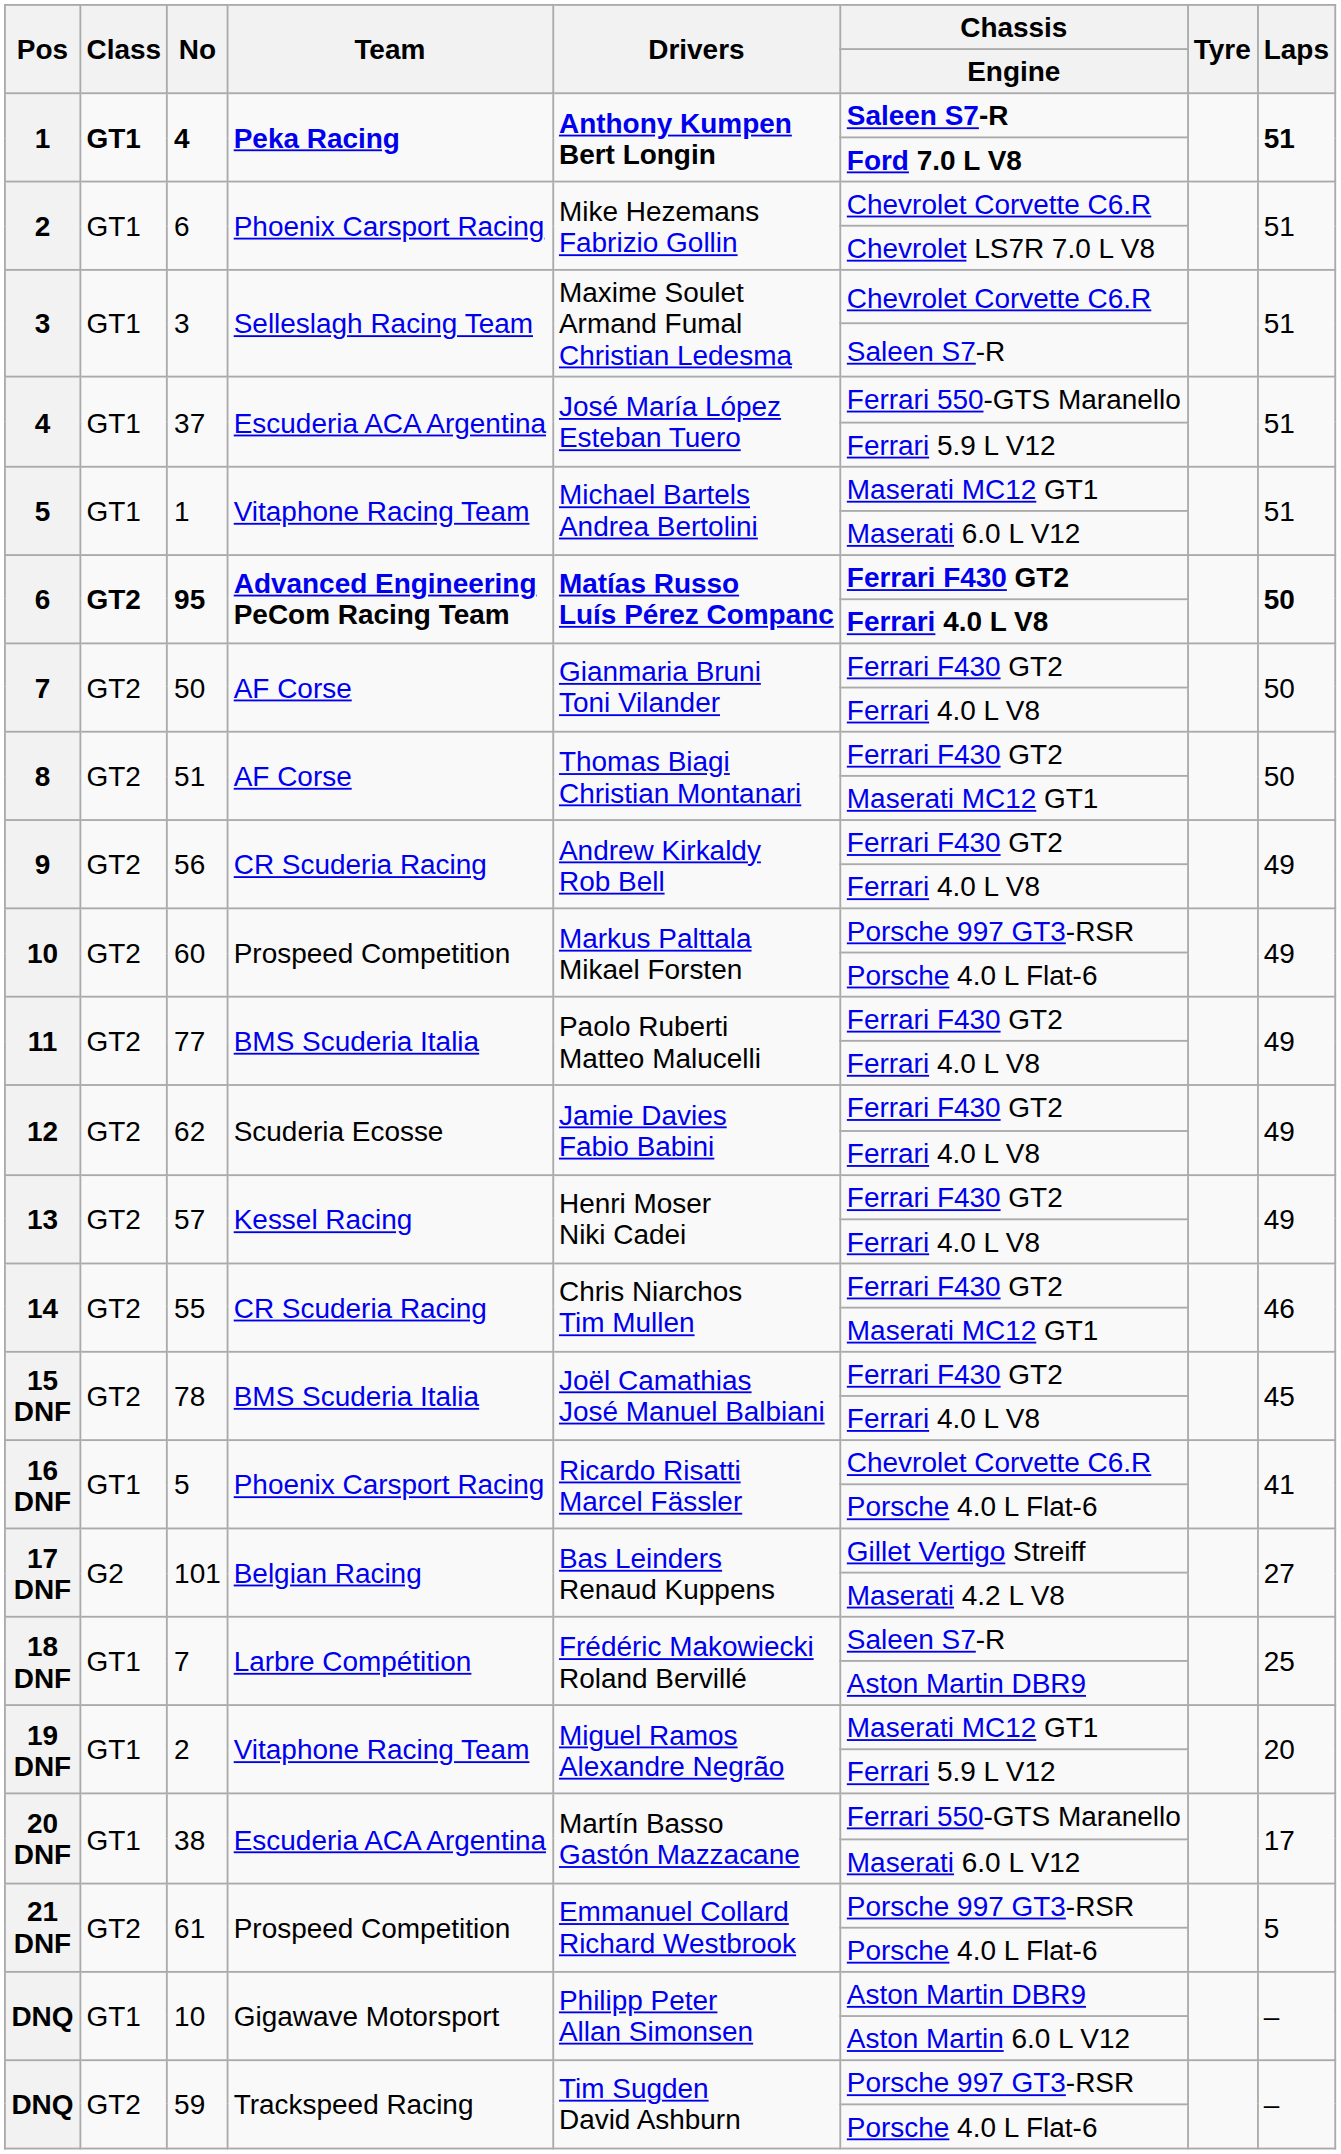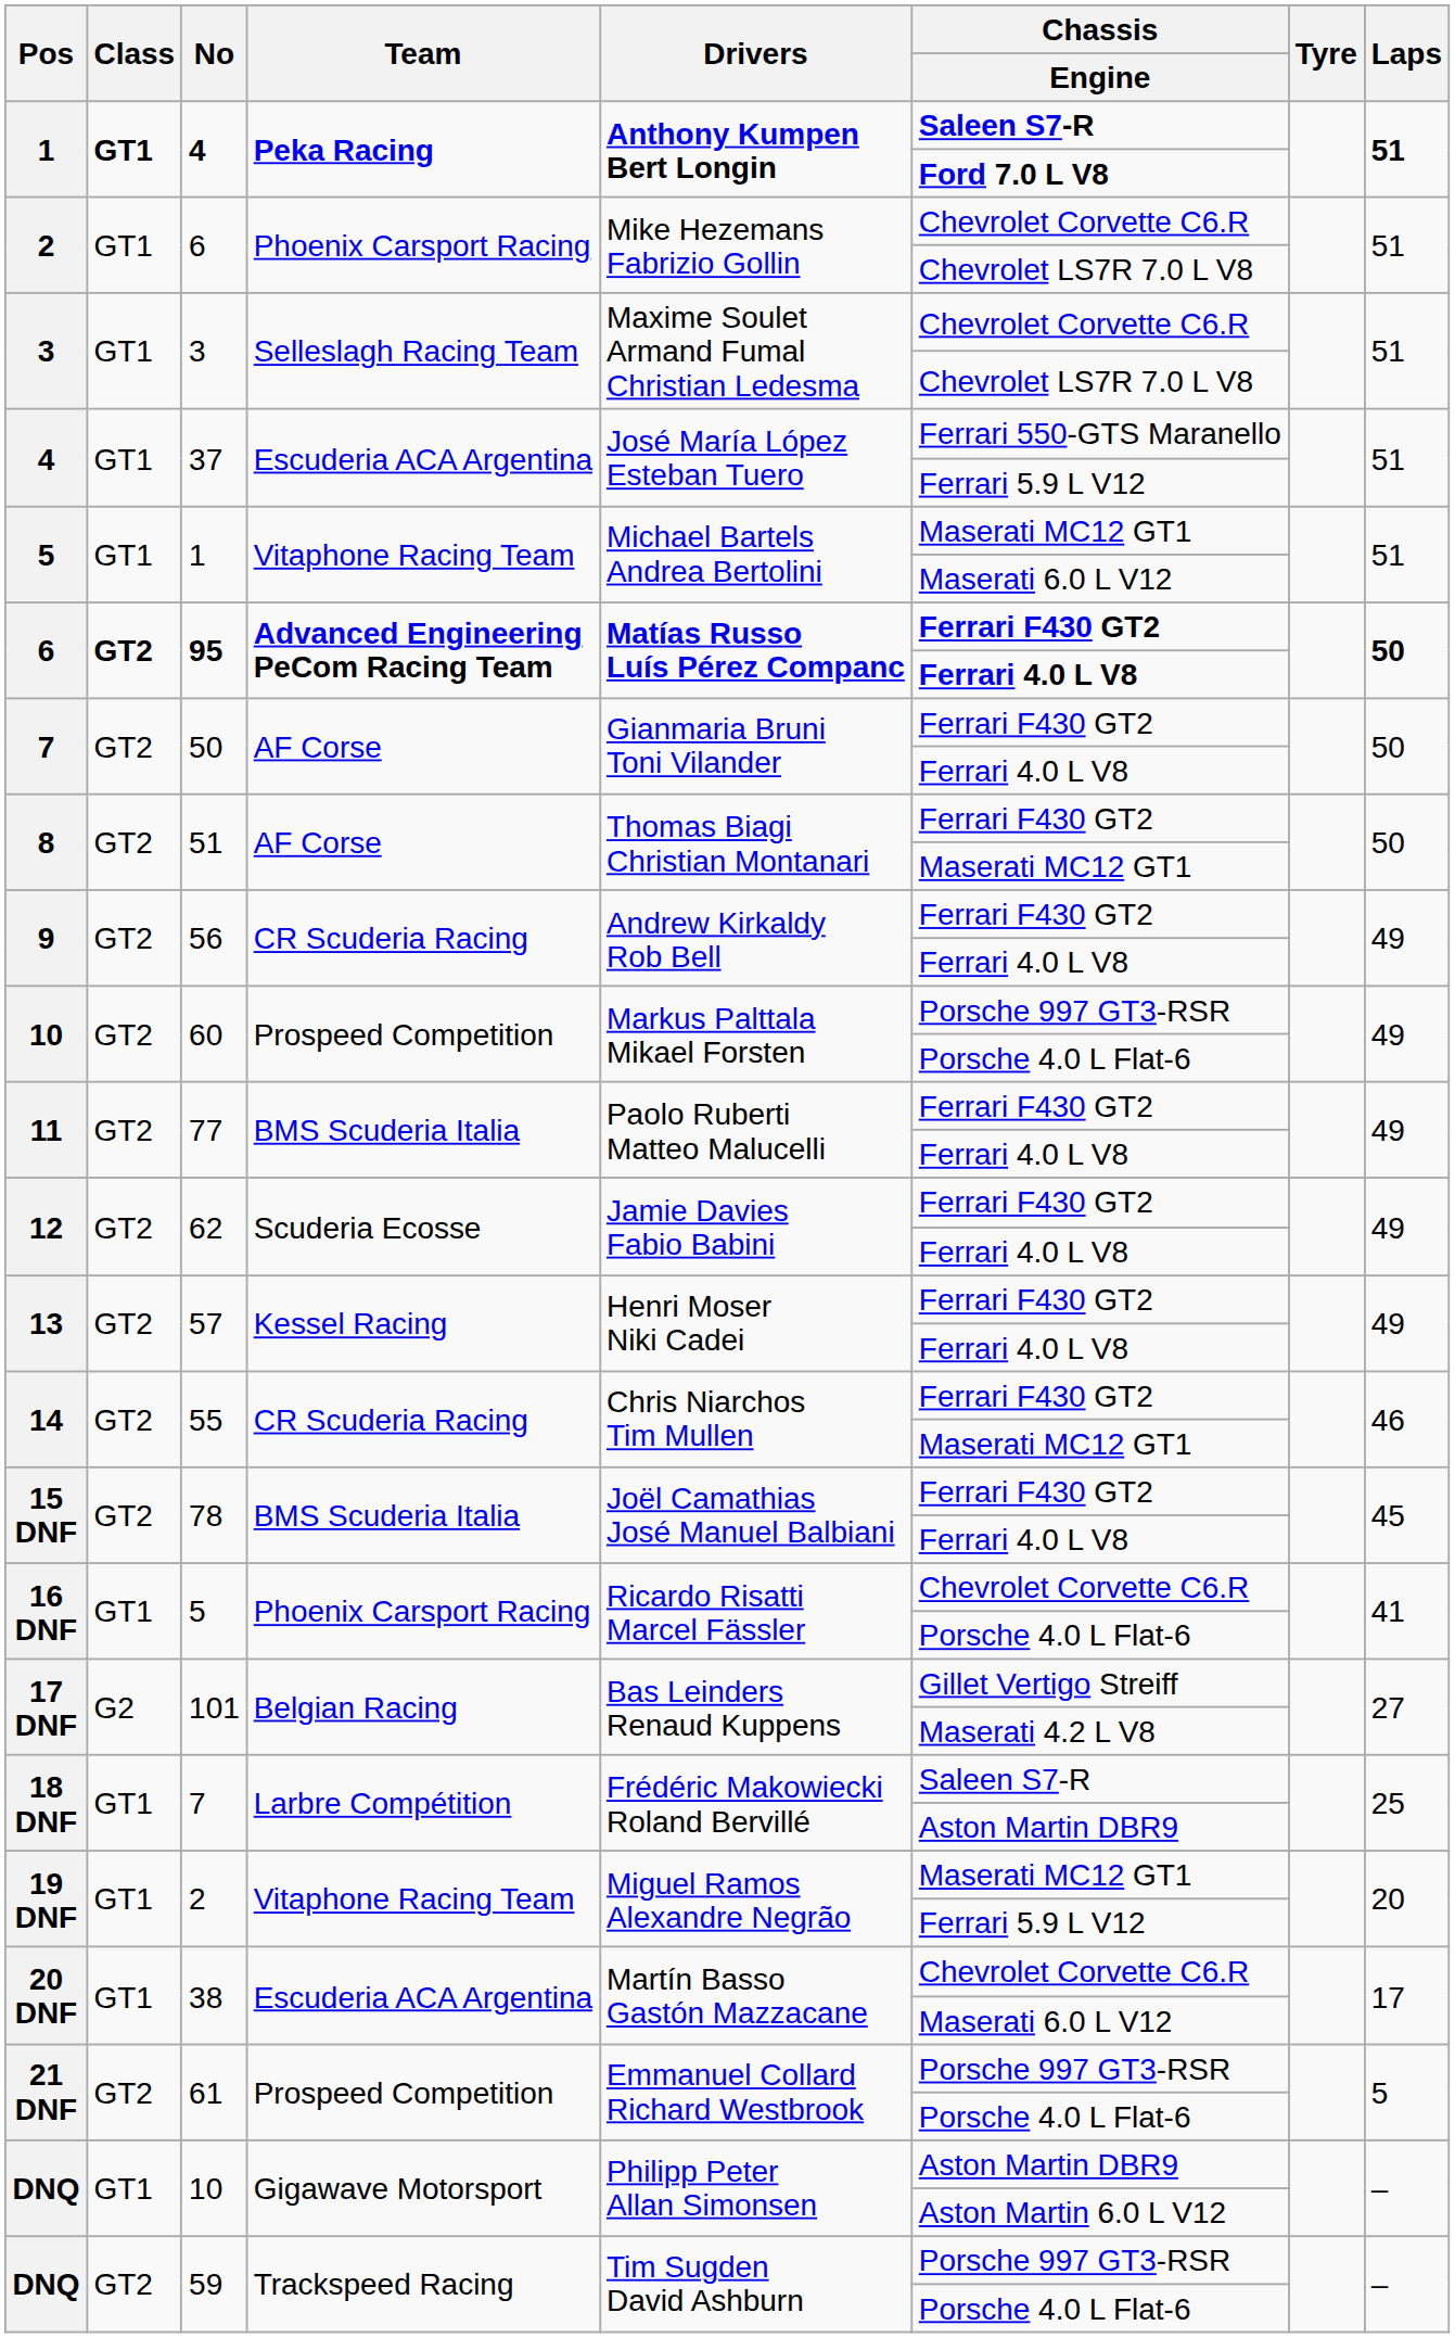 <table class="wikitable" style="font-size: 95%;">
 <tr>
 <th rowspan=2>Pos</th>
 <th rowspan=2>Class</th>
 <th rowspan=2>No</th>
 <th rowspan=2>Team</th>
 <th rowspan=2>Drivers</th>
 <th>Chassis</th>
 <th rowspan=2>Tyre</th>
 <th rowspan=2>Laps</th>
 </tr>
 <tr>
 <th>Engine</th>
 </tr>
 <tr style="font-weight:bold">
 <th rowspan=2>1</th>
 <td rowspan=2>GT1</td>
 <td rowspan=2>4</td>
 <td rowspan=2> <a href='#'>Peka Racing</a></td>
 <td rowspan=2> <a href='#'>Anthony Kumpen</a><br> Bert Longin</td>
 <td><a href='#'>Saleen S7</a>-R</td>
 <td rowspan=2></td>
 <td rowspan=2>51</td>
 </tr>
 <tr style="font-weight:bold">
 <td><a href='#'>Ford</a> 7.0 L V8</td>
 </tr>
 <tr>
 <th rowspan=2>2</th>
 <td rowspan=2>GT1</td>
 <td rowspan=2>6</td>
 <td rowspan=2> <a href='#'>Phoenix Carsport Racing</a></td>
 <td rowspan=2> Mike Hezemans<br> <a href='#'>Fabrizio Gollin</a></td>
 <td><a href='#'>Chevrolet Corvette C6.R</a></td>
 <td rowspan=2></td>
 <td rowspan=2>51</td>
 </tr>
 <tr>
 <td><a href='#'>Chevrolet</a> LS7R 7.0 L V8</td>
 </tr>
 <tr>
 <th rowspan=2>3</th>
 <td rowspan=2>GT1</td>
 <td rowspan=2>3</td>
 <td rowspan=2> <a href='#'>Selleslagh Racing Team</a></td>
 <td rowspan=2> Maxime Soulet<br> Armand Fumal<br> <a href='#'>Christian Ledesma</a></td>
 <td><a href='#'>Chevrolet Corvette C6.R</a></td>
 <td rowspan=2></td>
 <td rowspan=2>51</td>
 </tr>
 <tr>
-<td><a href='#'>Saleen S7</a>-R</td>
+<td><a href='#'>Chevrolet</a> LS7R 7.0 L V8</td>
 </tr>
 <tr>
 <th rowspan=2>4</th>
 <td rowspan=2>GT1</td>
 <td rowspan=2>37</td>
 <td rowspan=2> <a href='#'>Escuderia ACA Argentina</a></td>
 <td rowspan=2> <a href='#'>José María López</a><br> <a href='#'>Esteban Tuero</a></td>
 <td><a href='#'>Ferrari 550</a>-GTS Maranello</td>
 <td rowspan=2></td>
 <td rowspan=2>51</td>
 </tr>
 <tr>
 <td><a href='#'>Ferrari</a> 5.9 L V12</td>
 </tr>
 <tr>
 <th rowspan=2>5</th>
 <td rowspan=2>GT1</td>
 <td rowspan=2>1</td>
 <td rowspan=2> <a href='#'>Vitaphone Racing Team</a></td>
 <td rowspan=2> <a href='#'>Michael Bartels</a><br> <a href='#'>Andrea Bertolini</a></td>
 <td><a href='#'>Maserati MC12</a> GT1</td>
 <td rowspan=2></td>
 <td rowspan=2>51</td>
 </tr>
 <tr>
 <td><a href='#'>Maserati</a> 6.0 L V12</td>
 </tr>
 <tr style="font-weight:bold">
 <th rowspan=2>6</th>
 <td rowspan=2>GT2</td>
 <td rowspan=2>95</td>
 <td rowspan=2> <a href='#'>Advanced Engineering</a><br> PeCom Racing Team</td>
 <td rowspan=2> <a href='#'>Matías Russo</a><br> <a href='#'>Luís Pérez Companc</a></td>
 <td><a href='#'>Ferrari F430</a> GT2</td>
 <td rowspan=2></td>
 <td rowspan=2>50</td>
 </tr>
 <tr style="font-weight:bold">
 <td><a href='#'>Ferrari</a> 4.0 L V8</td>
 </tr>
 <tr>
 <th rowspan=2>7</th>
 <td rowspan=2>GT2</td>
 <td rowspan=2>50</td>
 <td rowspan=2> <a href='#'>AF Corse</a></td>
 <td rowspan=2> <a href='#'>Gianmaria Bruni</a><br> <a href='#'>Toni Vilander</a></td>
 <td><a href='#'>Ferrari F430</a> GT2</td>
 <td rowspan=2></td>
 <td rowspan=2>50</td>
 </tr>
 <tr>
 <td><a href='#'>Ferrari</a> 4.0 L V8</td>
 </tr>
 <tr>
 <th rowspan=2>8</th>
 <td rowspan=2>GT2</td>
 <td rowspan=2>51</td>
 <td rowspan=2> <a href='#'>AF Corse</a></td>
 <td rowspan=2> <a href='#'>Thomas Biagi</a><br> <a href='#'>Christian Montanari</a></td>
 <td><a href='#'>Ferrari F430</a> GT2</td>
 <td rowspan=2></td>
 <td rowspan=2>50</td>
 </tr>
 <tr>
 <td><a href='#'>Maserati MC12</a> GT1</td>
 </tr>
 <tr>
 <th rowspan=2>9</th>
 <td rowspan=2>GT2</td>
 <td rowspan=2>56</td>
 <td rowspan=2> <a href='#'>CR Scuderia Racing</a></td>
 <td rowspan=2> <a href='#'>Andrew Kirkaldy</a><br> <a href='#'>Rob Bell</a></td>
 <td><a href='#'>Ferrari F430</a> GT2</td>
 <td rowspan=2></td>
 <td rowspan=2>49</td>
 </tr>
 <tr>
 <td><a href='#'>Ferrari</a> 4.0 L V8</td>
 </tr>
 <tr>
 <th rowspan=2>10</th>
 <td rowspan=2>GT2</td>
 <td rowspan=2>60</td>
 <td rowspan=2> Prospeed Competition</td>
 <td rowspan=2> <a href='#'>Markus Palttala</a><br> Mikael Forsten</td>
 <td><a href='#'>Porsche 997 GT3</a>-RSR</td>
 <td rowspan=2></td>
 <td rowspan=2>49</td>
 </tr>
 <tr>
 <td><a href='#'>Porsche</a> 4.0 L Flat-6</td>
 </tr>
 <tr>
 <th rowspan=2>11</th>
 <td rowspan=2>GT2</td>
 <td rowspan=2>77</td>
 <td rowspan=2> <a href='#'>BMS Scuderia Italia</a></td>
 <td rowspan=2> Paolo Ruberti<br> Matteo Malucelli</td>
 <td><a href='#'>Ferrari F430</a> GT2</td>
 <td rowspan=2></td>
 <td rowspan=2>49</td>
 </tr>
 <tr>
 <td><a href='#'>Ferrari</a> 4.0 L V8</td>
 </tr>
 <tr>
 <th rowspan=2>12</th>
 <td rowspan=2>GT2</td>
 <td rowspan=2>62</td>
 <td rowspan=2> Scuderia Ecosse</td>
 <td rowspan=2> <a href='#'>Jamie Davies</a><br> <a href='#'>Fabio Babini</a></td>
 <td><a href='#'>Ferrari F430</a> GT2</td>
 <td rowspan=2></td>
 <td rowspan=2>49</td>
 </tr>
 <tr>
 <td><a href='#'>Ferrari</a> 4.0 L V8</td>
 </tr>
 <tr>
 <th rowspan=2>13</th>
 <td rowspan=2>GT2</td>
 <td rowspan=2>57</td>
 <td rowspan=2> <a href='#'>Kessel Racing</a></td>
 <td rowspan=2> Henri Moser<br> Niki Cadei</td>
 <td><a href='#'>Ferrari F430</a> GT2</td>
 <td rowspan=2></td>
 <td rowspan=2>49</td>
 </tr>
 <tr>
 <td><a href='#'>Ferrari</a> 4.0 L V8</td>
 </tr>
 <tr>
 <th rowspan=2>14</th>
 <td rowspan=2>GT2</td>
 <td rowspan=2>55</td>
 <td rowspan=2> <a href='#'>CR Scuderia Racing</a></td>
 <td rowspan=2> Chris Niarchos<br> <a href='#'>Tim Mullen</a></td>
 <td><a href='#'>Ferrari F430</a> GT2</td>
 <td rowspan=2></td>
 <td rowspan=2>46</td>
 </tr>
 <tr>
 <td><a href='#'>Maserati MC12</a> GT1</td>
 </tr>
 <tr>
 <th rowspan=2>15<br>DNF</th>
 <td rowspan=2>GT2</td>
 <td rowspan=2>78</td>
 <td rowspan=2> <a href='#'>BMS Scuderia Italia</a></td>
 <td rowspan=2> <a href='#'>Joël Camathias</a><br> <a href='#'>José Manuel Balbiani</a></td>
 <td><a href='#'>Ferrari F430</a> GT2</td>
 <td rowspan=2></td>
 <td rowspan=2>45</td>
 </tr>
 <tr>
 <td><a href='#'>Ferrari</a> 4.0 L V8</td>
 </tr>
 <tr>
 <th rowspan=2>16<br>DNF</th>
 <td rowspan=2>GT1</td>
 <td rowspan=2>5</td>
 <td rowspan=2> <a href='#'>Phoenix Carsport Racing</a></td>
 <td rowspan=2> <a href='#'>Ricardo Risatti</a><br> <a href='#'>Marcel Fässler</a></td>
 <td><a href='#'>Chevrolet Corvette C6.R</a></td>
 <td rowspan=2></td>
 <td rowspan=2>41</td>
 </tr>
 <tr>
 <td><a href='#'>Porsche</a> 4.0 L Flat-6</td>
 </tr>
 <tr>
 <th rowspan=2>17<br>DNF</th>
 <td rowspan=2>G2</td>
 <td rowspan=2>101</td>
 <td rowspan=2> <a href='#'>Belgian Racing</a></td>
 <td rowspan=2> <a href='#'>Bas Leinders</a><br> Renaud Kuppens</td>
 <td><a href='#'>Gillet Vertigo</a> Streiff</td>
 <td rowspan=2></td>
 <td rowspan=2>27</td>
 </tr>
 <tr>
 <td><a href='#'>Maserati</a> 4.2 L V8</td>
 </tr>
 <tr>
 <th rowspan=2>18<br>DNF</th>
 <td rowspan=2>GT1</td>
 <td rowspan=2>7</td>
 <td rowspan=2> <a href='#'>Larbre Compétition</a></td>
 <td rowspan=2> <a href='#'>Frédéric Makowiecki</a><br> Roland Bervillé</td>
 <td><a href='#'>Saleen S7</a>-R</td>
 <td rowspan=2></td>
 <td rowspan=2>25</td>
 </tr>
 <tr>
 <td><a href='#'>Aston Martin DBR9</a></td>
 </tr>
 <tr>
 <th rowspan=2>19<br>DNF</th>
 <td rowspan=2>GT1</td>
 <td rowspan=2>2</td>
 <td rowspan=2> <a href='#'>Vitaphone Racing Team</a></td>
 <td rowspan=2> <a href='#'>Miguel Ramos</a><br> <a href='#'>Alexandre Negrão</a></td>
 <td><a href='#'>Maserati MC12</a> GT1</td>
 <td rowspan=2></td>
 <td rowspan=2>20</td>
 </tr>
 <tr>
 <td><a href='#'>Ferrari</a> 5.9 L V12</td>
 </tr>
 <tr>
 <th rowspan=2>20<br>DNF</th>
 <td rowspan=2>GT1</td>
 <td rowspan=2>38</td>
 <td rowspan=2> <a href='#'>Escuderia ACA Argentina</a></td>
 <td rowspan=2> Martín Basso<br> <a href='#'>Gastón Mazzacane</a></td>
-<td><a href='#'>Ferrari 550</a>-GTS Maranello</td>
+<td><a href='#'>Chevrolet Corvette C6.R</a></td>
 <td rowspan=2></td>
 <td rowspan=2>17</td>
 </tr>
 <tr>
 <td><a href='#'>Maserati</a> 6.0 L V12</td>
 </tr>
 <tr>
 <th rowspan=2>21<br>DNF</th>
 <td rowspan=2>GT2</td>
 <td rowspan=2>61</td>
 <td rowspan=2> Prospeed Competition</td>
 <td rowspan=2> <a href='#'>Emmanuel Collard</a><br> <a href='#'>Richard Westbrook</a></td>
 <td><a href='#'>Porsche 997 GT3</a>-RSR</td>
 <td rowspan=2></td>
 <td rowspan=2>5</td>
 </tr>
 <tr>
 <td><a href='#'>Porsche</a> 4.0 L Flat-6</td>
 </tr>
 <tr>
 <th rowspan=2>DNQ</th>
 <td rowspan=2>GT1</td>
 <td rowspan=2>10</td>
 <td rowspan=2> Gigawave Motorsport</td>
 <td rowspan=2> <a href='#'>Philipp Peter</a><br> <a href='#'>Allan Simonsen</a></td>
 <td><a href='#'>Aston Martin DBR9</a></td>
 <td rowspan=2></td>
 <td rowspan=2>–</td>
 </tr>
 <tr>
 <td><a href='#'>Aston Martin</a> 6.0 L V12</td>
 </tr>
 <tr>
 <th rowspan=2>DNQ</th>
 <td rowspan=2>GT2</td>
 <td rowspan=2>59</td>
 <td rowspan=2> Trackspeed Racing</td>
 <td rowspan=2> <a href='#'>Tim Sugden</a><br> David Ashburn</td>
 <td><a href='#'>Porsche 997 GT3</a>-RSR</td>
 <td rowspan=2></td>
 <td rowspan=2>–</td>
 </tr>
 <tr>
 <td><a href='#'>Porsche</a> 4.0 L Flat-6</td>
 </tr>
 </table>
